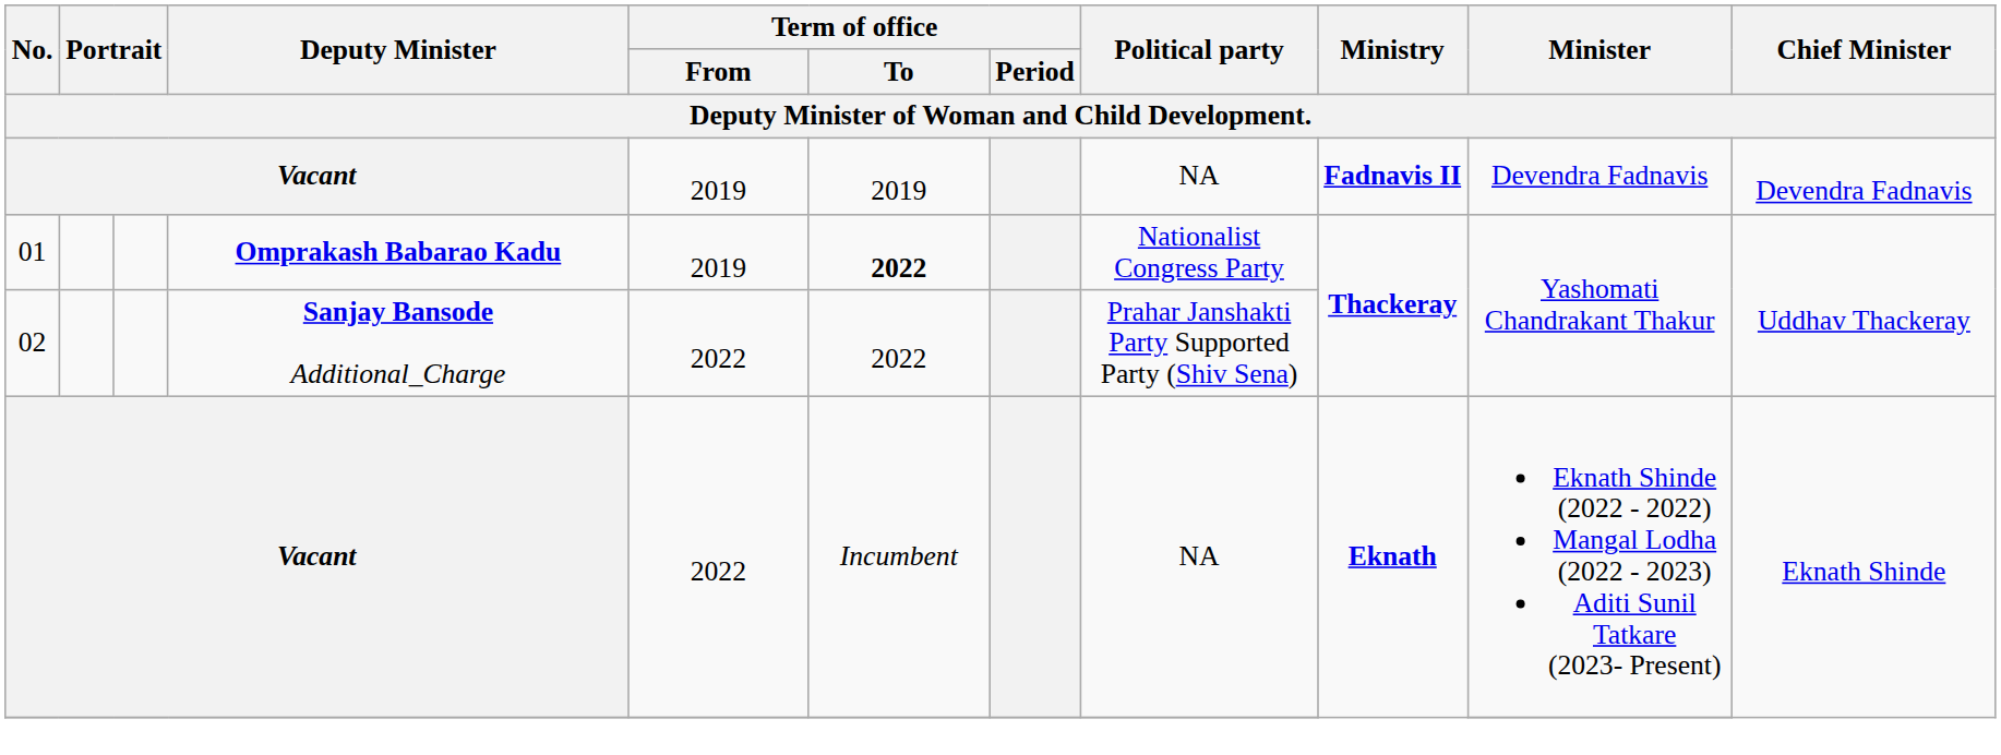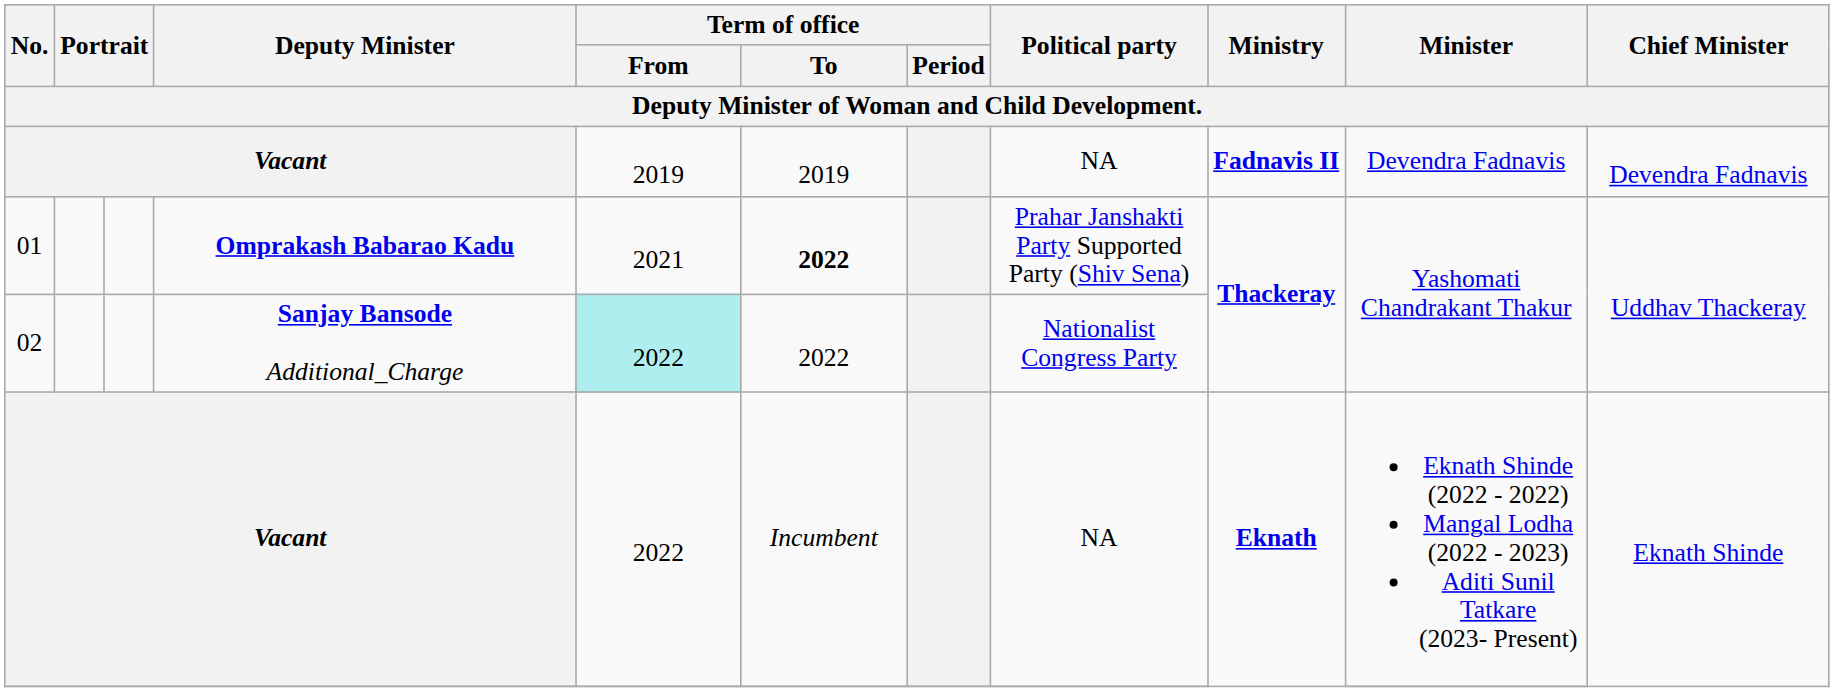 <table class="wikitable" style="text-align:center">
 <tr>
 <th rowspan="2">No.</th>
 <th rowspan="2" colspan="2">Portrait</th>
 <th rowspan="2" style="width:16em">Deputy Minister<br></th>
 <th colspan="3">Term of office</th>
 <th rowspan="2" style="width:8em">Political party</th>
 <th rowspan="2">Ministry</th>
 <th rowspan="2" style="width:9em">Minister</th>
 <th rowspan="2" style="width:9em">Chief Minister</th>
 </tr>
 <tr>
 <th style="width:6em">From</th>
 <th style="width:6em">To</th>
 <th>Period</th>
 </tr>
 <tr>
 <th colspan="11">Deputy Minister of Woman and Child Development.</th>
 </tr>
 <tr>
 <th colspan="04"><strong><em> Vacant</em></strong></th>
 <td><br>2019</td>
 <td><br>2019</td>
 <th></th>
 <td>NA</td>
 <td rowspan="1"><a href='#'><strong>Fadnavis II</strong></a></td>
 <td><a href='#'>Devendra Fadnavis</a></td>
 <td rowspan="1"> <br><a href='#'>Devendra Fadnavis</a></td>
 </tr>
 <tr>
 <td>01</td>
 <td style="color:inherit;background:"></td>
 <td></td>
 <td><strong><a href='#'>Omprakash Babarao Kadu</a></strong> <br> </td>
-<td><br>2019</td>
+<td><br>2021</td>
 <td><strong><br>2022</strong></td>
 <th></th>
-<td><a href='#'>Nationalist Congress Party</a></td>
+<td><a href='#'>Prahar Janshakti Party</a> Supported Party (<a href='#'>Shiv Sena</a>)</td>
 <td rowspan="2"><a href='#'><strong>Thackeray</strong></a></td>
 <td rowspan="2"><a href='#'>Yashomati Chandrakant Thakur</a></td>
 <td rowspan="2"> <br><a href='#'>Uddhav Thackeray</a></td>
 </tr>
 <tr>
 <td>02</td>
 <td style="color:inherit;background:"></td>
 <td></td>
 <td><strong><a href='#'>Sanjay Bansode</a></strong> <br> <br><em>Additional_Charge</em></td>
-<td><br>2022</td>
+<td style="background: paleturquoise;"><br>2022</td>
 <td><br>2022</td>
 <th></th>
-<td><a href='#'>Prahar Janshakti Party</a> Supported Party (<a href='#'>Shiv Sena</a>)</td>
+<td><a href='#'>Nationalist Congress Party</a></td>
 </tr>
 <tr>
 <th colspan="04"><strong><em>Vacant</em></strong></th>
 <td><br>2022</td>
 <td><em>Incumbent</em></td>
 <th></th>
 <td>NA</td>
 <td rowspan="2"><a href='#'><strong>Eknath</strong></a></td>
 <td><br><ul><li><a href='#'>Eknath Shinde</a><br>(2022 - 2022)</li><li><a href='#'>Mangal Lodha</a><br>(2022 - 2023)</li><li><a href='#'>Aditi Sunil Tatkare</a><br> (2023- Present)</li></ul></td>
 <td rowspan="2"> <br><a href='#'>Eknath Shinde</a></td>
 </tr>
 <tr>
 </tr>
 </table>
